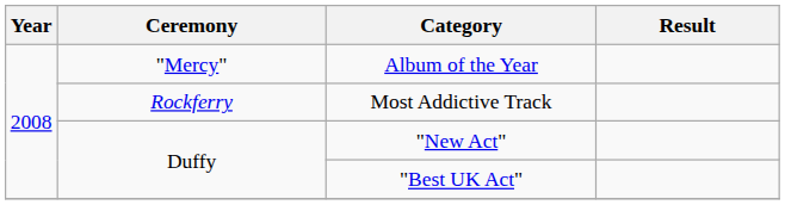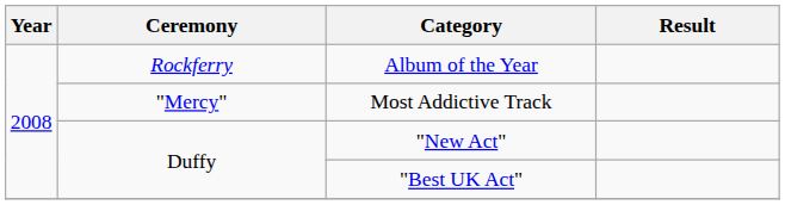 <table class="wikitable" style="text-align:center; font-size:90%; line-height:20px;">
 <tr>
 <th>Year</th>
 <th width="180px">Ceremony</th>
 <th width="180px">Category</th>
 <th width="120px">Result</th>
 </tr>
 <tr>
 <td rowspan="4"><a href='#'>2008</a></td>
-<td>"<a href='#'>Mercy</a>"</td>
+<td><em><a href='#'>Rockferry</a></em></td>
 <td><a href='#'>Album of the Year</a></td>
 <td></td>
 </tr>
 <tr>
-<td><em><a href='#'>Rockferry</a></em></td>
+<td>"<a href='#'>Mercy</a>"</td>
 <td>Most Addictive Track</td>
 <td></td>
 </tr>
 <tr>
 <td rowspan="2">Duffy</td>
 <td>"<a href='#'>New Act</a>"</td>
 <td></td>
 </tr>
 <tr>
 <td>"<a href='#'>Best UK Act</a>"</td>
 <td></td>
 </tr>
 <tr>
 </tr>
 </table>
